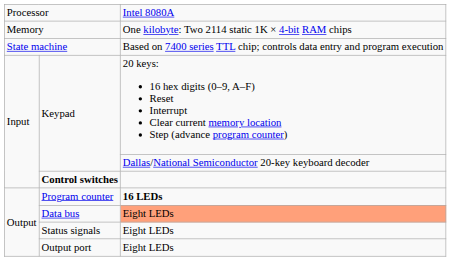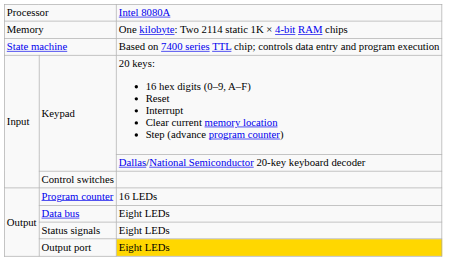 <table class="wikitable">
 <tr>
 <td colspan='2'>Processor</td>
 <td><a href='#'>Intel 8080A</a></td>
 </tr>
 <tr>
 <td colspan='2'>Memory</td>
 <td>One <a href='#'>kilobyte</a>: Two 2114 static 1K × <a href='#'>4-bit</a> <a href='#'>RAM</a> chips</td>
 </tr>
 <tr>
 <td colspan='2'><a href='#'>State machine</a></td>
 <td>Based on <a href='#'>7400 series</a> <a href='#'>TTL</a> chip; controls data entry and program execution</td>
 </tr>
 <tr>
 <td rowspan='3'>Input</td>
 <td rowspan='2'>Keypad</td>
 <td>20 keys:<br><ul><li>16 hex digits (0–9, A–F)</li><li>Reset</li><li>Interrupt</li><li>Clear current <a href='#'>memory location</a></li><li>Step (advance <a href='#'>program counter</a>)</li></ul></td>
 </tr>
 <tr>
 <td><a href='#'>Dallas</a>/<a href='#'>National Semiconductor</a> 20-key keyboard decoder</td>
 </tr>
 <tr>
-<td><strong>Control switches</strong></td>
+<td>Control switches</td>
 <td><br></td>
 </tr>
 <tr>
 <td rowspan='4'>Output</td>
 <td><a href='#'>Program counter</a></td>
-<td><strong>16 LEDs</strong></td>
+<td>16 LEDs</td>
 </tr>
 <tr>
 <td><a href='#'>Data bus</a></td>
-<td style="background: lightsalmon;">Eight LEDs</td>
+<td>Eight LEDs</td>
 </tr>
 <tr>
 <td>Status signals</td>
 <td>Eight LEDs</td>
 </tr>
 <tr>
 <td>Output port</td>
-<td>Eight LEDs</td>
+<td style="background: gold;">Eight LEDs</td>
 </tr>
 </table>
